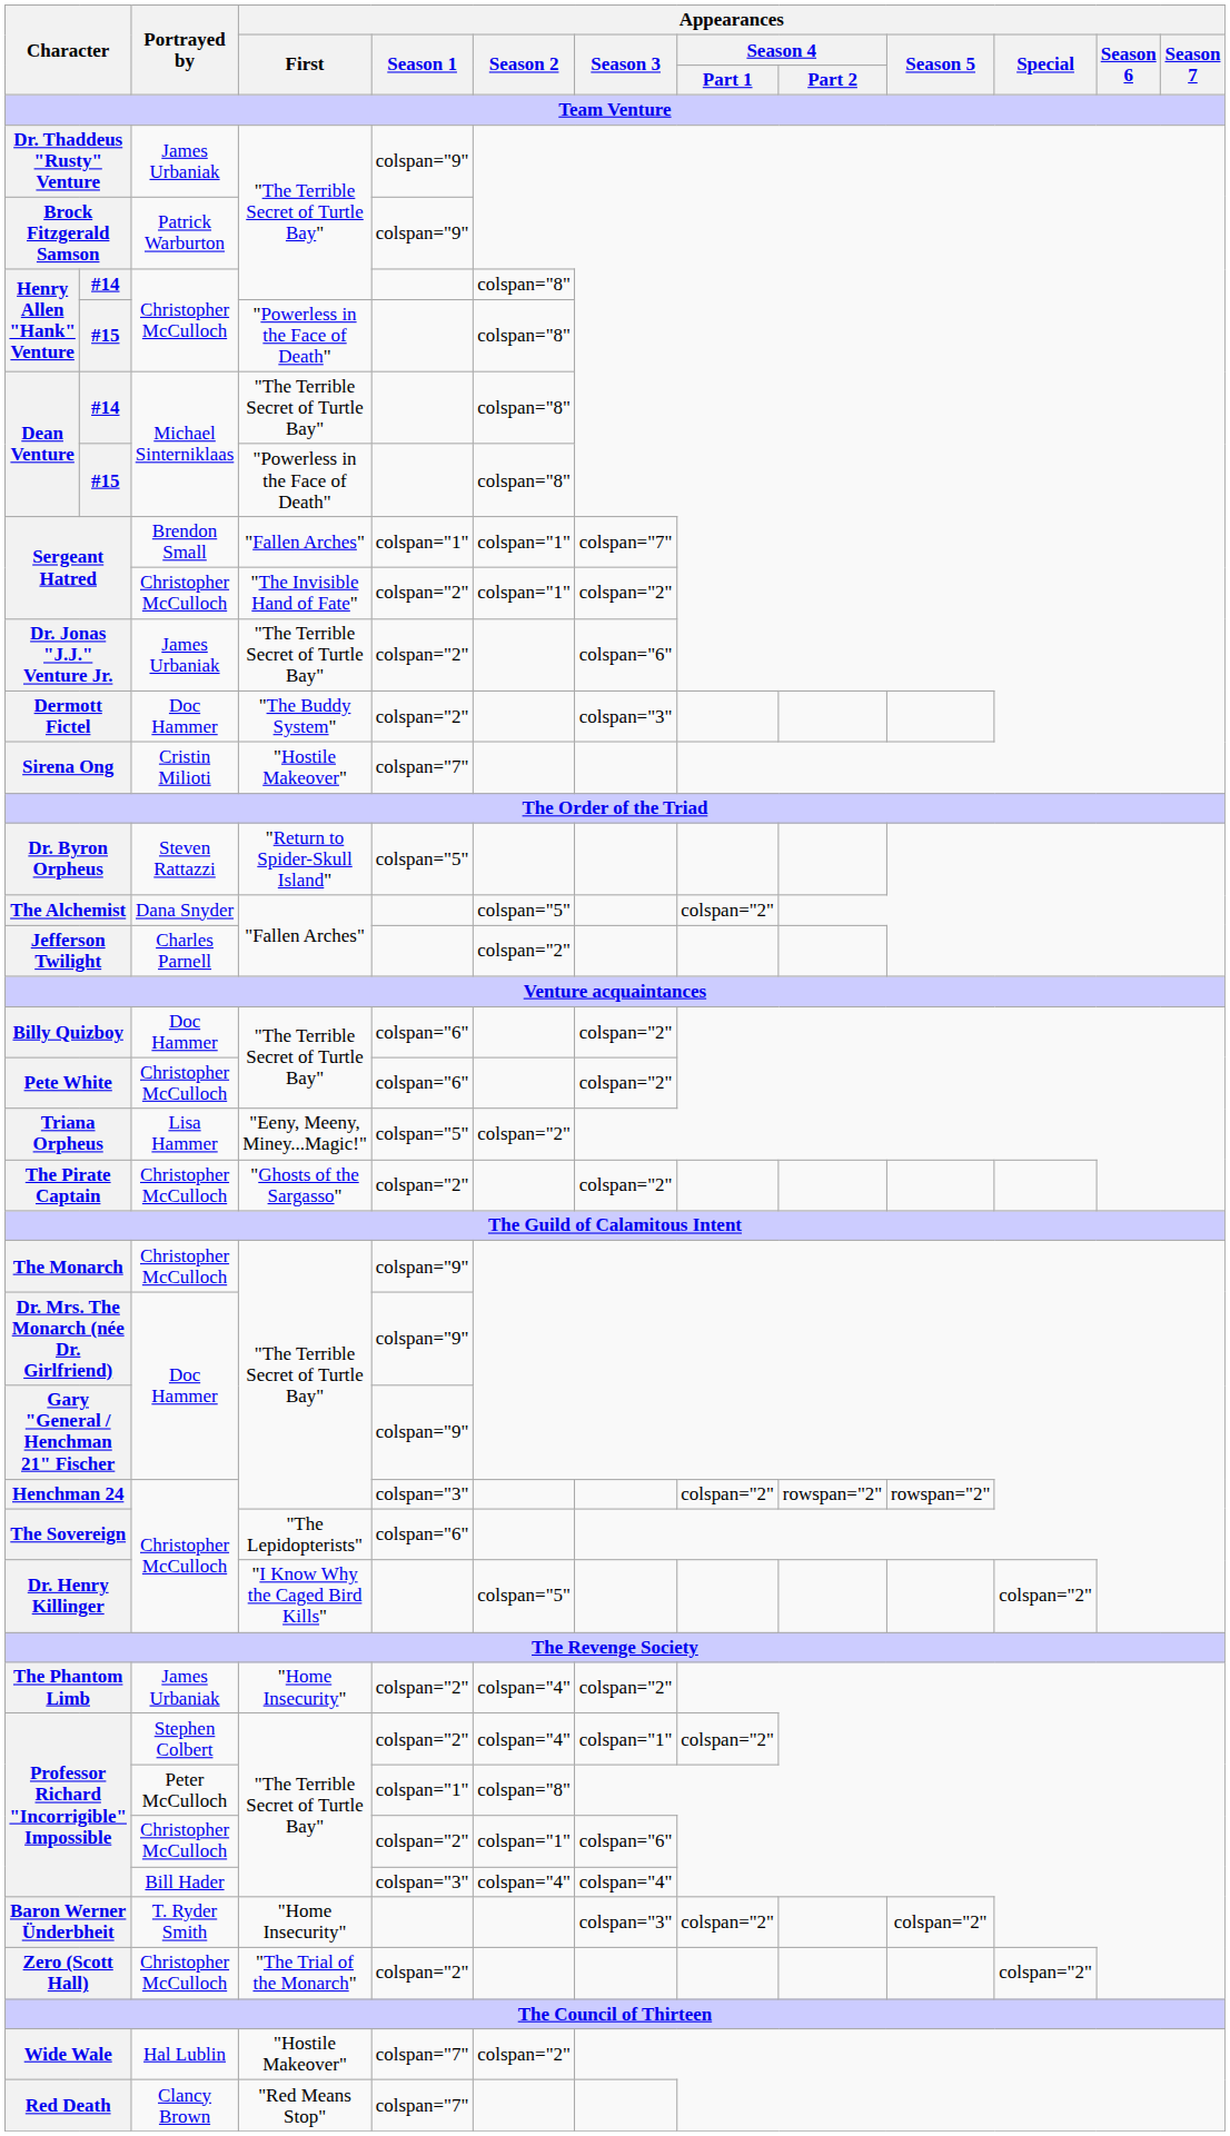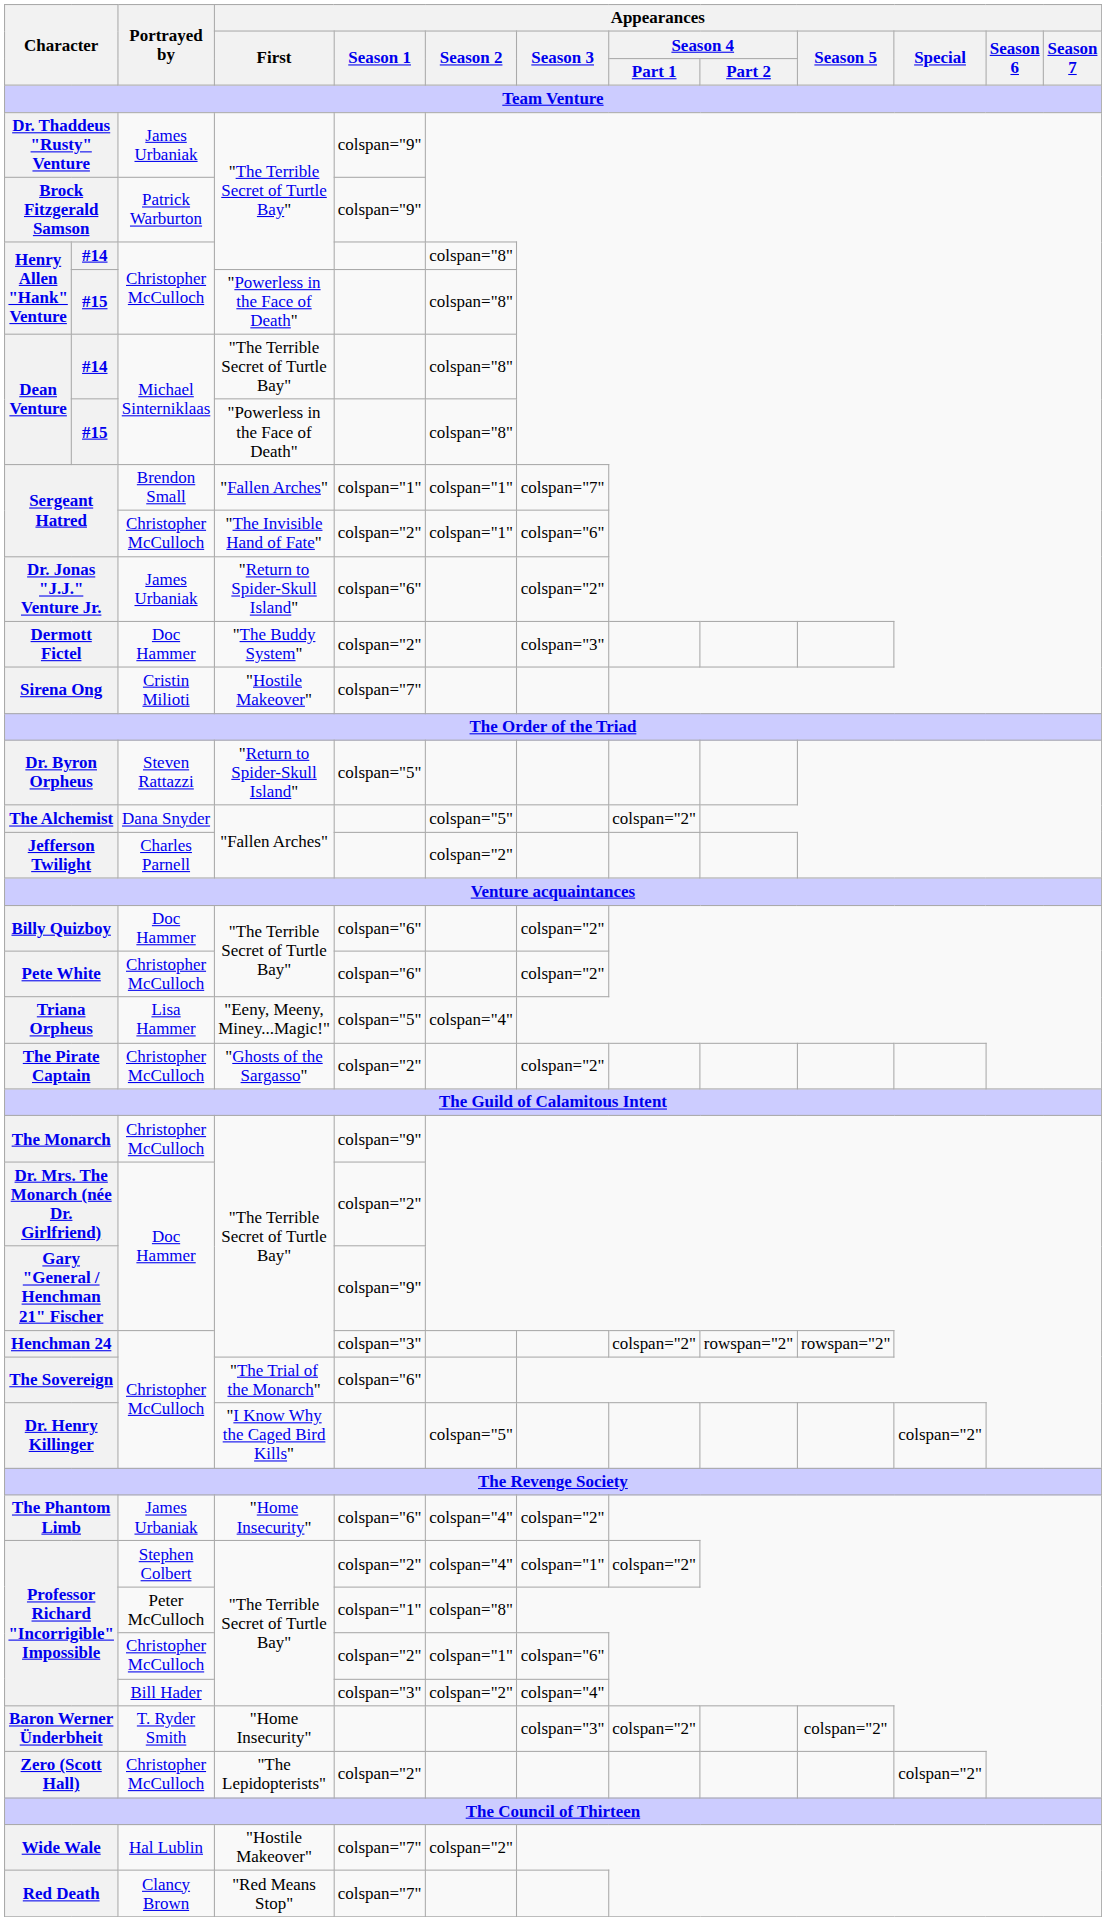 <table class="wikitable" style="text-align:center; width:100%">
 <tr>
 <th scope="col" rowspan="3" colspan="2">Character</th>
 <th scope="col" rowspan="3">Portrayed by</th>
 <th scope="col" colspan="10">Appearances</th>
 </tr>
 <tr>
 <th scope="col" rowspan="2">First</th>
 <th scope="col" rowspan="2"><a href='#'>Season 1</a></th>
 <th scope="col" rowspan="2"><a href='#'>Season 2</a></th>
 <th scope="col" rowspan="2"><a href='#'>Season 3</a></th>
 <th scope="col" colspan="2"><a href='#'>Season 4</a></th>
 <th scope="col" rowspan="2"><a href='#'>Season 5</a></th>
 <th scope="col" rowspan="2"><a href='#'>Special</a></th>
 <th scope="col" rowspan="2"><a href='#'>Season 6</a></th>
 <th scope="col" rowspan="2"><a href='#'>Season 7</a></th>
 </tr>
 <tr>
 <th scope="col"><a href='#'>Part 1</a></th>
 <th scope="col"><a href='#'>Part 2</a></th>
 </tr>
 <tr>
 <th colspan="13" style="background-color:#ccccff;"><a href='#'>Team Venture</a></th>
 </tr>
 <tr>
 <th scope="row" colspan="2"><a href='#'>Dr. Thaddeus "Rusty" Venture</a></th>
 <td><a href='#'>James Urbaniak</a></td>
 <td rowspan="3">"<a href='#'>The Terrible Secret of Turtle Bay</a>"</td>
 <td>colspan="9" </td>
 </tr>
 <tr>
 <th scope="row" colspan="2"><a href='#'>Brock Fitzgerald Samson</a></th>
 <td><a href='#'>Patrick Warburton</a></td>
 <td>colspan="9" </td>
 </tr>
 <tr>
 <th scope="row" style="width:10%" rowspan="2"><a href='#'>Henry Allen "Hank" Venture</a></th>
 <th scope="row"><a href='#'>#14</a></th>
 <td rowspan="2"><a href='#'>Christopher McCulloch</a></td>
 <td></td>
 <td>colspan="8" </td>
 </tr>
 <tr>
 <th scope="row"><a href='#'>#15</a></th>
 <td>"<a href='#'>Powerless in the Face of Death</a>"</td>
 <td></td>
 <td>colspan="8" </td>
 </tr>
 <tr>
 <th scope="row" rowspan="2"><a href='#'>Dean Venture</a></th>
 <th scope="row"><a href='#'>#14</a></th>
 <td rowspan="2"><a href='#'>Michael Sinterniklaas</a></td>
 <td>"The Terrible Secret of Turtle Bay"</td>
 <td></td>
 <td>colspan="8" </td>
 </tr>
 <tr>
 <th scope="row"><a href='#'>#15</a></th>
 <td>"Powerless in the Face of Death"</td>
 <td></td>
 <td>colspan="8" </td>
 </tr>
 <tr>
 <th scope="row" rowspan="2" colspan="2"><a href='#'>Sergeant Hatred</a></th>
 <td><a href='#'>Brendon Small</a></td>
 <td>"<a href='#'>Fallen Arches</a>"</td>
 <td>colspan="1" </td>
 <td>colspan="1" </td>
 <td>colspan="7" </td>
 </tr>
 <tr>
 <td><a href='#'>Christopher McCulloch</a></td>
 <td>"<a href='#'>The Invisible Hand of Fate</a>"</td>
 <td>colspan="2" </td>
 <td>colspan="1" </td>
-<td>colspan="2" </td>
+<td>colspan="6" </td>
 </tr>
 <tr>
 <th scope="row" colspan="2"><a href='#'>Dr. Jonas "J.J." Venture Jr.</a></th>
 <td><a href='#'>James Urbaniak</a></td>
-<td>"The Terrible Secret of Turtle Bay"</td>
+<td>"<a href='#'>Return to Spider-Skull Island</a>"</td>
+<td>colspan="6" </td>
+<td></td>
 <td>colspan="2" </td>
-<td></td>
-<td>colspan="6" </td>
 </tr>
 <tr>
 <th scope="row" colspan="2"><a href='#'>Dermott Fictel</a></th>
 <td><a href='#'>Doc Hammer</a></td>
 <td>"<a href='#'>The Buddy System</a>"</td>
 <td>colspan="2" </td>
 <td></td>
 <td>colspan="3" </td>
 <td></td>
 <td></td>
 <td></td>
 </tr>
 <tr>
 <th scope="row" colspan="2"><a href='#'>Sirena Ong</a></th>
 <td><a href='#'>Cristin Milioti</a></td>
 <td>"<a href='#'>Hostile Makeover</a>"</td>
 <td>colspan="7" </td>
 <td></td>
 <td></td>
 </tr>
 <tr>
 <th colspan="13" style="background-color:#ccccff;"><a href='#'>The Order of the Triad</a></th>
 </tr>
 <tr>
 <th scope="row" colspan="2"><a href='#'>Dr. Byron Orpheus</a></th>
 <td><a href='#'>Steven Rattazzi</a></td>
 <td>"<a href='#'>Return to Spider-Skull Island</a>"</td>
 <td>colspan="5" </td>
 <td></td>
 <td></td>
 <td></td>
 <td></td>
 </tr>
 <tr>
 <th scope="row" colspan="2"><a href='#'>The Alchemist</a></th>
 <td><a href='#'>Dana Snyder</a></td>
 <td rowspan="2">"Fallen Arches"</td>
 <td></td>
 <td>colspan="5" </td>
 <td></td>
 <td>colspan="2" </td>
 </tr>
 <tr>
 <th scope="row" colspan="2"><a href='#'>Jefferson Twilight</a></th>
 <td><a href='#'>Charles Parnell</a></td>
 <td></td>
 <td>colspan="2" </td>
 <td></td>
 <td></td>
 <td></td>
 </tr>
 <tr>
 <th colspan="13" style="background-color:#ccccff;"><a href='#'>Venture acquaintances</a></th>
 </tr>
 <tr>
 <th scope="row" colspan="2"><a href='#'>Billy Quizboy</a></th>
 <td><a href='#'>Doc Hammer</a></td>
 <td rowspan="2">"The Terrible Secret of Turtle Bay"</td>
 <td>colspan="6" </td>
 <td></td>
 <td>colspan="2" </td>
 </tr>
 <tr>
 <th scope="row" colspan="2"><a href='#'>Pete White</a></th>
 <td><a href='#'>Christopher McCulloch</a></td>
 <td>colspan="6" </td>
 <td></td>
 <td>colspan="2" </td>
 </tr>
 <tr>
 <th scope="row" colspan="2"><a href='#'>Triana Orpheus</a></th>
 <td><a href='#'>Lisa Hammer</a></td>
 <td>"Eeny, Meeny, Miney...Magic!"</td>
 <td>colspan="5" </td>
-<td>colspan="2" </td>
+<td>colspan="4" </td>
 </tr>
 <tr>
 <th scope="row" colspan="2"><a href='#'>The Pirate Captain</a></th>
 <td><a href='#'>Christopher McCulloch</a></td>
 <td>"<a href='#'>Ghosts of the Sargasso</a>"</td>
 <td>colspan="2" </td>
 <td></td>
 <td>colspan="2" </td>
 <td></td>
 <td></td>
 <td></td>
 <td></td>
 </tr>
 <tr>
 <th colspan="13" style="background-color:#ccccff;"><a href='#'>The Guild of Calamitous Intent</a></th>
 </tr>
 <tr>
 <th scope="row" colspan="2"><a href='#'>The Monarch</a></th>
 <td><a href='#'>Christopher McCulloch</a></td>
 <td rowspan="4">"The Terrible Secret of Turtle Bay"</td>
 <td>colspan="9" </td>
 </tr>
 <tr>
 <th scope="row" colspan="2"><a href='#'>Dr. Mrs. The Monarch (née Dr. Girlfriend)</a></th>
 <td rowspan="2"><a href='#'>Doc Hammer</a></td>
-<td>colspan="9" </td>
+<td>colspan="2" </td>
 </tr>
 <tr>
 <th scope="row" colspan="2"><a href='#'>Gary "General / Henchman 21" Fischer</a></th>
 <td>colspan="9" </td>
 </tr>
 <tr>
 <th scope="row" colspan="2"><a href='#'>Henchman 24</a></th>
 <td rowspan="3"><a href='#'>Christopher McCulloch</a></td>
 <td>colspan="3" </td>
 <td></td>
 <td></td>
 <td>colspan="2" </td>
 <td>rowspan="2" </td>
 <td>rowspan="2" </td>
 </tr>
 <tr>
 <th scope="row" colspan="2"><a href='#'>The Sovereign</a></th>
-<td>"The Lepidopterists"</td>
+<td>"<a href='#'>The Trial of the Monarch</a>"</td>
 <td>colspan="6" </td>
 <td></td>
 </tr>
 <tr>
 <th scope="row" colspan="2"><a href='#'>Dr. Henry Killinger</a></th>
 <td>"<a href='#'>I Know Why the Caged Bird Kills</a>"</td>
 <td></td>
 <td>colspan="5" </td>
 <td></td>
 <td></td>
 <td></td>
 <td></td>
 <td>colspan="2" </td>
 </tr>
 <tr>
 <th colspan="13" style="background-color:#ccccff;"><a href='#'>The Revenge Society</a></th>
 </tr>
 <tr>
 <th scope="row" colspan="2"><a href='#'>The Phantom Limb</a></th>
 <td><a href='#'>James Urbaniak</a></td>
 <td>"<a href='#'>Home Insecurity</a>"</td>
-<td>colspan="2" </td>
+<td>colspan="6" </td>
 <td>colspan="4" </td>
 <td>colspan="2" </td>
 </tr>
 <tr>
 <th scope="row" colspan="2" rowspan="4"><a href='#'>Professor Richard "Incorrigible" Impossible</a></th>
 <td><a href='#'>Stephen Colbert</a></td>
 <td rowspan="4">"The Terrible Secret of Turtle Bay"</td>
 <td>colspan="2" </td>
 <td>colspan="4" </td>
 <td>colspan="1" </td>
 <td>colspan="2" </td>
 </tr>
 <tr>
 <td>Peter McCulloch</td>
 <td>colspan="1" </td>
 <td>colspan="8" </td>
 </tr>
 <tr>
 <td><a href='#'>Christopher McCulloch</a></td>
 <td>colspan="2" </td>
 <td>colspan="1" </td>
 <td>colspan="6" </td>
 </tr>
 <tr>
 <td><a href='#'>Bill Hader</a></td>
 <td>colspan="3" </td>
-<td>colspan="4" </td>
+<td>colspan="2" </td>
 <td>colspan="4" </td>
 </tr>
 <tr>
 <th scope="row" colspan="2"><a href='#'>Baron Werner Ünderbheit</a></th>
 <td><a href='#'>T. Ryder Smith</a></td>
 <td>"Home Insecurity"</td>
 <td></td>
 <td></td>
 <td>colspan="3" </td>
 <td>colspan="2" </td>
 <td></td>
 <td>colspan="2" </td>
 </tr>
 <tr>
 <th scope="row" colspan="2"><a href='#'>Zero (Scott Hall)</a></th>
 <td><a href='#'>Christopher McCulloch</a></td>
-<td>"<a href='#'>The Trial of the Monarch</a>"</td>
+<td>"The Lepidopterists"</td>
 <td>colspan="2" </td>
 <td></td>
 <td></td>
 <td></td>
 <td></td>
 <td></td>
 <td>colspan="2" </td>
 </tr>
 <tr>
 <th colspan="13" style="background-color:#ccccff;"><a href='#'>The Council of Thirteen</a></th>
 </tr>
 <tr>
 <th scope="row" colspan="2"><a href='#'>Wide Wale</a></th>
 <td><a href='#'>Hal Lublin</a></td>
 <td>"Hostile Makeover"</td>
 <td>colspan="7" </td>
 <td>colspan="2" </td>
 </tr>
 <tr>
 <th scope="row" colspan="2"><a href='#'>Red Death</a></th>
 <td><a href='#'>Clancy Brown</a></td>
 <td>"Red Means Stop"</td>
 <td>colspan="7" </td>
 <td></td>
 <td></td>
 </tr>
 </table>
